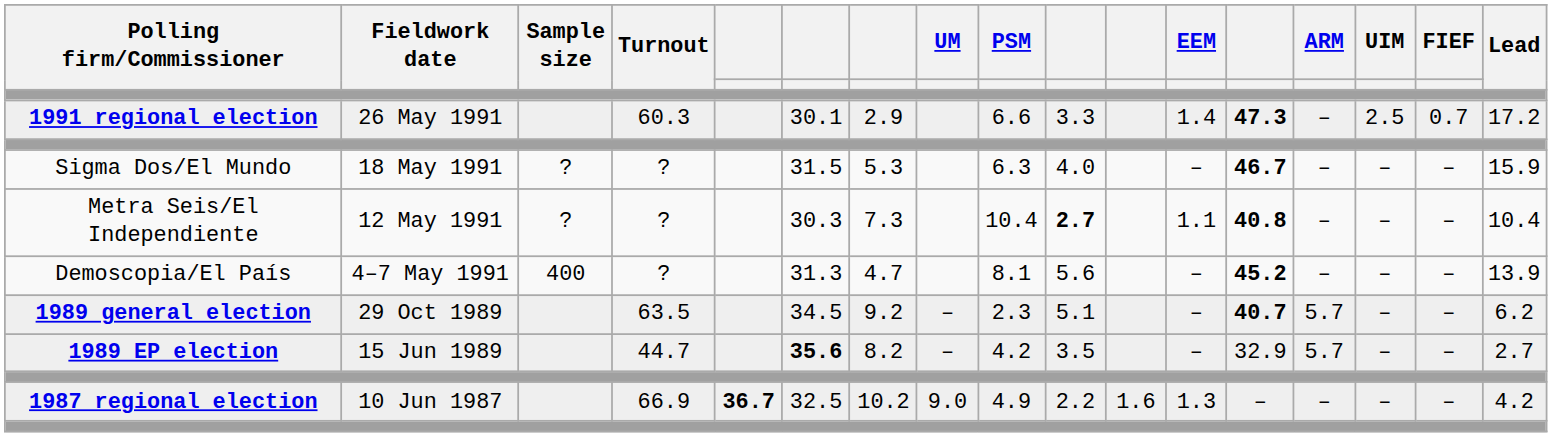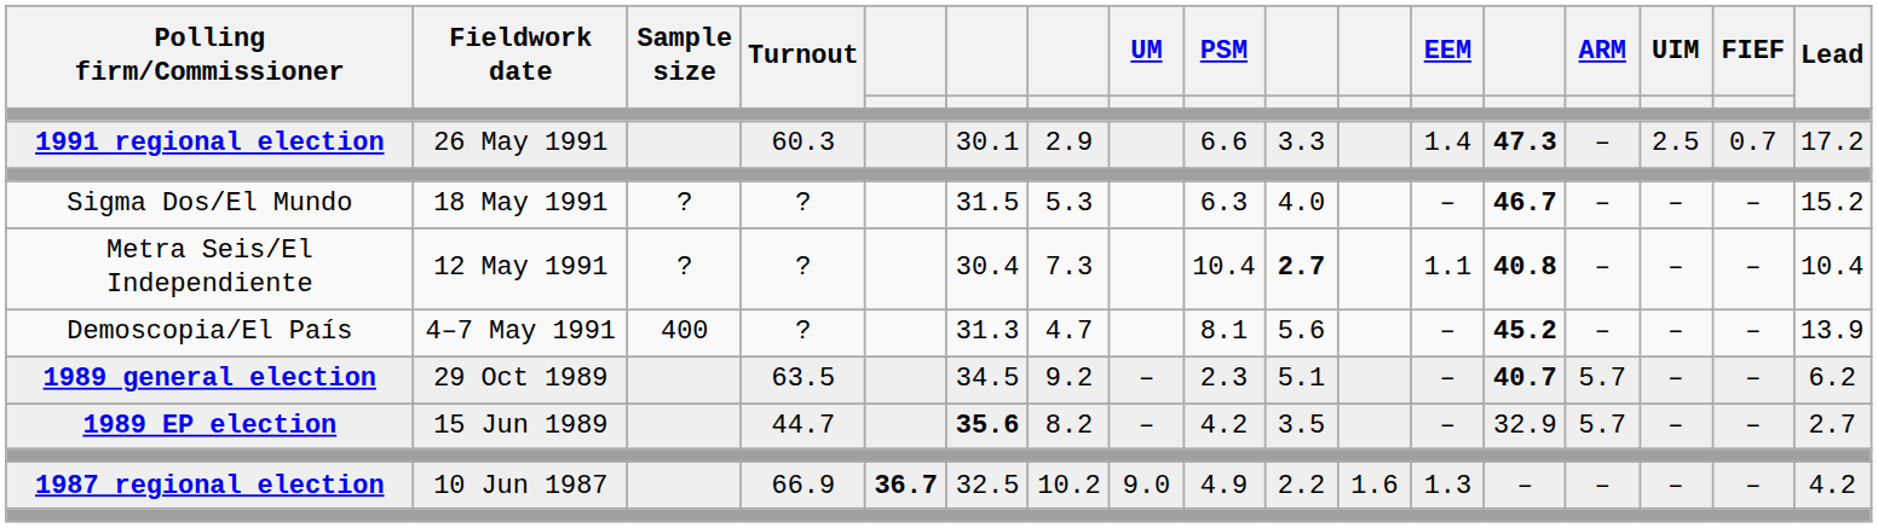 <table class="wikitable collapsible collapsed" style="text-align:center; font-size:95%; line-height:16px;">
 <tr style="height:42px;">
 <th style="width:250px;" rowspan="2">Polling firm/Commissioner</th>
 <th style="width:125px;" rowspan="2">Fieldwork date</th>
 <th style="width:50px;" rowspan="2">Sample size</th>
 <th style="width:45px;" rowspan="2">Turnout</th>
 <th style="width:35px;"></th>
 <th style="width:35px;"></th>
 <th style="width:35px;"></th>
 <th style="width:35px;"><a href='#'>UM</a></th>
 <th style="width:35px;"><a href='#'>PSM</a></th>
 <th style="width:35px;"></th>
 <th style="width:35px;"></th>
 <th style="width:35px;"><a href='#'>EEM</a></th>
 <th style="width:35px;"></th>
 <th style="width:35px;"><a href='#'>ARM</a></th>
 <th style="width:35px;">UIM</th>
 <th style="width:35px;">FIEF</th>
 <th style="width:30px;" rowspan="2">Lead</th>
 </tr>
 <tr>
 <th style="color:inherit;background:"></th>
 <th style="color:inherit;background:"></th>
 <th style="color:inherit;background:"></th>
 <th style="color:inherit;background:"></th>
 <th style="color:inherit;background:"></th>
 <th style="color:inherit;background:"></th>
 <th style="color:inherit;background:"></th>
 <th style="color:inherit;background:"></th>
 <th style="color:inherit;background:"></th>
 <th style="color:inherit;background:"></th>
 <th style="color:inherit;background:"></th>
 <th style="color:inherit;background:"></th>
 </tr>
 <tr>
 <td colspan="17" style="background:#A0A0A0"></td>
 </tr>
 <tr style="background:#EFEFEF;">
 <td><strong><a href='#'>1991 regional election</a></strong></td>
 <td>26 May 1991</td>
 <td></td>
 <td>60.3</td>
 <td></td>
 <td>30.1<br></td>
 <td>2.9<br></td>
 <td></td>
 <td>6.6<br></td>
 <td>3.3<br></td>
 <td></td>
 <td>1.4<br></td>
 <td><strong>47.3</strong><br></td>
 <td>–</td>
 <td>2.5<br></td>
 <td>0.7<br></td>
 <td style="background:">17.2</td>
 </tr>
 <tr>
 <td colspan="17" style="background:#A0A0A0"></td>
 </tr>
 <tr>
 <td>Sigma Dos/El Mundo</td>
 <td>18 May 1991</td>
 <td>?</td>
 <td>?</td>
 <td></td>
 <td>31.5<br></td>
 <td>5.3<br></td>
 <td></td>
 <td>6.3<br></td>
 <td>4.0<br></td>
 <td></td>
 <td>–</td>
 <td><strong>46.7</strong><br></td>
 <td>–</td>
 <td>–</td>
 <td>–</td>
-<td style="background:">15.9</td>
+<td style="background:">15.2</td>
 </tr>
 <tr>
 <td>Metra Seis/El Independiente</td>
 <td>12 May 1991</td>
 <td>?</td>
 <td>?</td>
 <td></td>
-<td>30.3<br></td>
+<td>30.4<br></td>
 <td>7.3<br></td>
 <td></td>
 <td>10.4<br></td>
 <td><strong>2.7<br></strong></td>
 <td></td>
 <td>1.1<br></td>
 <td><strong>40.8</strong><br></td>
 <td>–</td>
 <td>–</td>
 <td>–</td>
 <td style="background:">10.4</td>
 </tr>
 <tr>
 <td>Demoscopia/El País</td>
 <td>4–7 May 1991</td>
 <td>400</td>
 <td>?</td>
 <td></td>
 <td>31.3<br></td>
 <td>4.7<br></td>
 <td></td>
 <td>8.1<br></td>
 <td>5.6<br></td>
 <td></td>
 <td>–</td>
 <td><strong>45.2</strong><br></td>
 <td>–</td>
 <td>–</td>
 <td>–</td>
 <td style="background:">13.9</td>
 </tr>
 <tr style="background:#EFEFEF;">
 <td><strong><a href='#'>1989 general election</a></strong></td>
 <td>29 Oct 1989</td>
 <td></td>
 <td>63.5</td>
 <td></td>
 <td>34.5</td>
 <td>9.2</td>
 <td>–</td>
 <td>2.3</td>
 <td>5.1</td>
 <td></td>
 <td>–</td>
 <td><strong>40.7</strong></td>
 <td>5.7</td>
 <td>–</td>
 <td>–</td>
 <td style="background:">6.2</td>
 </tr>
 <tr style="background:#EFEFEF;">
 <td><strong><a href='#'>1989 EP election</a></strong></td>
 <td>15 Jun 1989</td>
 <td></td>
 <td>44.7</td>
 <td></td>
 <td><strong>35.6</strong></td>
 <td>8.2</td>
 <td>–</td>
 <td>4.2</td>
 <td>3.5</td>
 <td></td>
 <td>–</td>
 <td>32.9</td>
 <td>5.7</td>
 <td>–</td>
 <td>–</td>
 <td style="background:">2.7</td>
 </tr>
 <tr>
 <td colspan="17" style="background:#A0A0A0"></td>
 </tr>
 <tr style="background:#EFEFEF;">
 <td><strong><a href='#'>1987 regional election</a></strong></td>
 <td>10 Jun 1987</td>
 <td></td>
 <td>66.9</td>
 <td><strong>36.7</strong><br></td>
 <td>32.5<br></td>
 <td>10.2<br></td>
 <td>9.0<br></td>
 <td>4.9<br></td>
 <td>2.2<br></td>
 <td>1.6<br></td>
 <td>1.3<br></td>
 <td>–</td>
 <td>–</td>
 <td>–</td>
 <td>–</td>
 <td style="background:">4.2</td>
 </tr>
 <tr>
 <td colspan="17" style="background:#A0A0A0"></td>
 </tr>
 </table>
